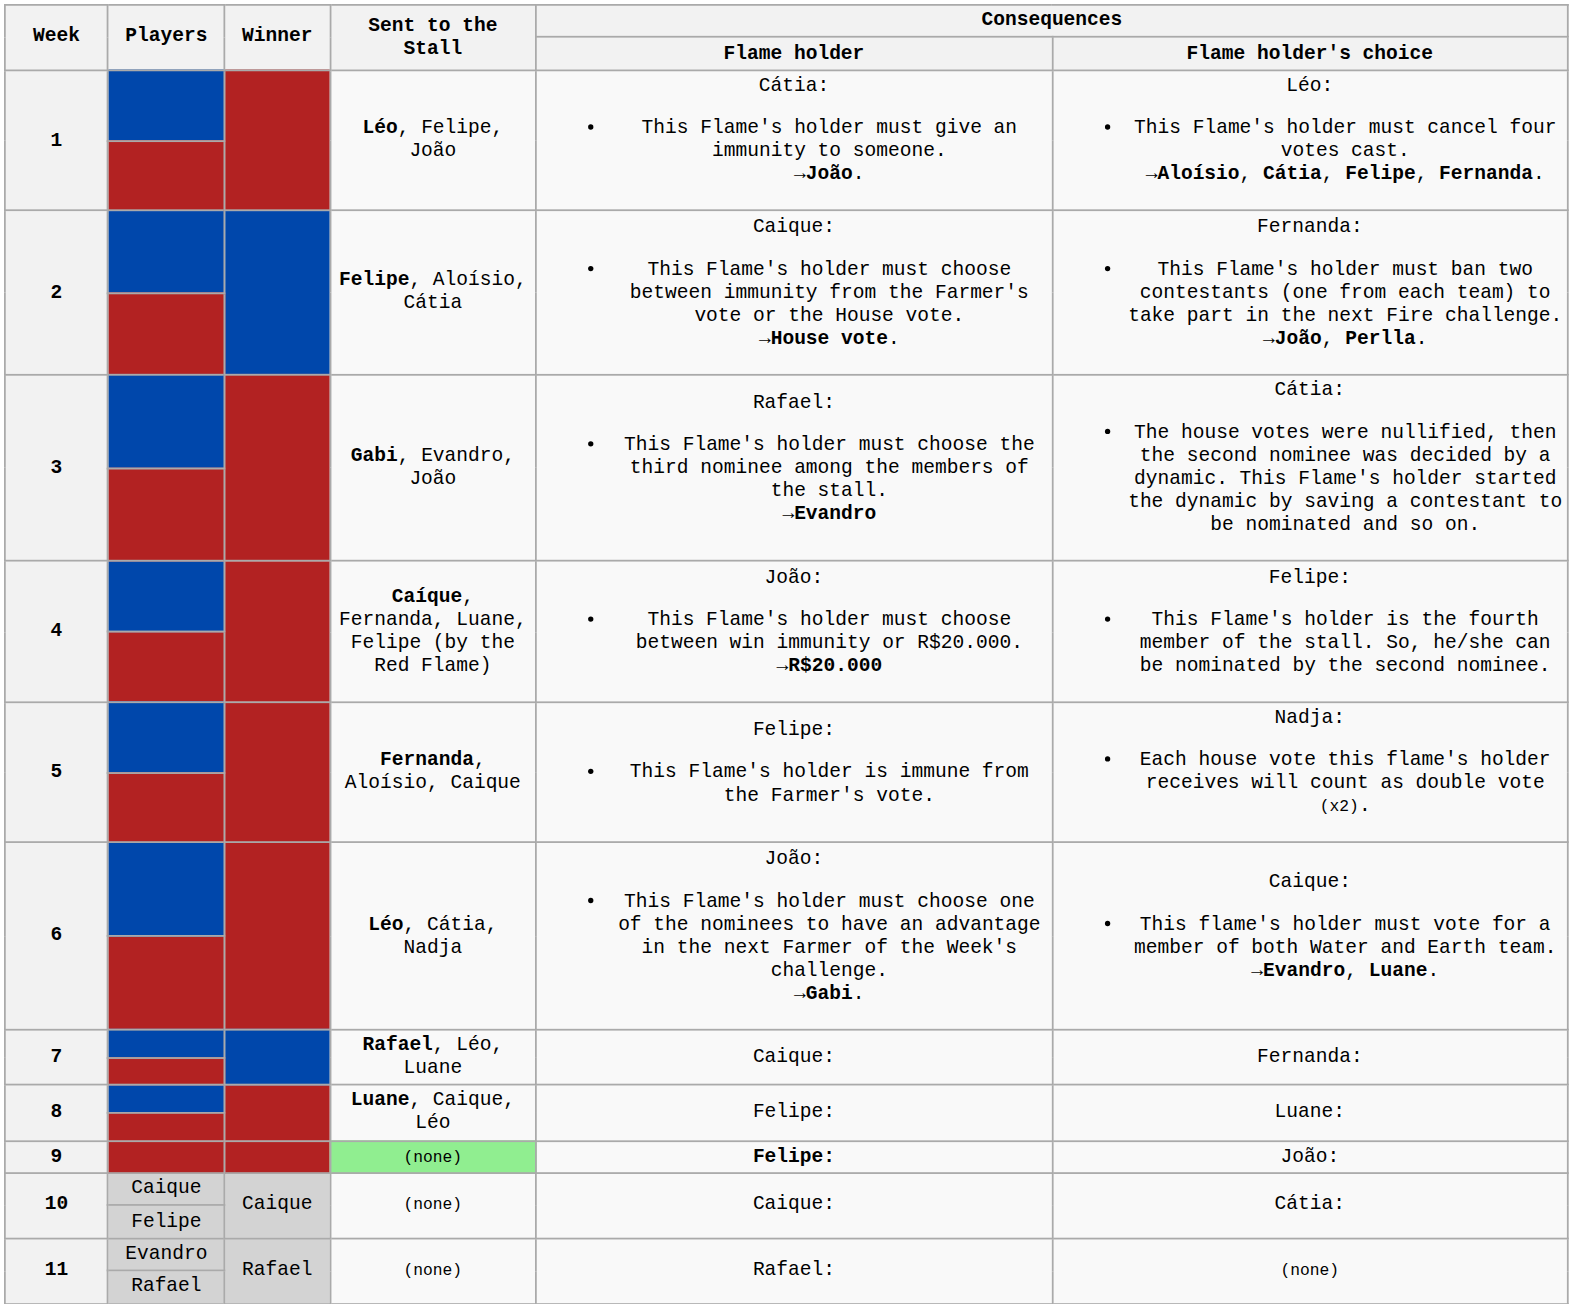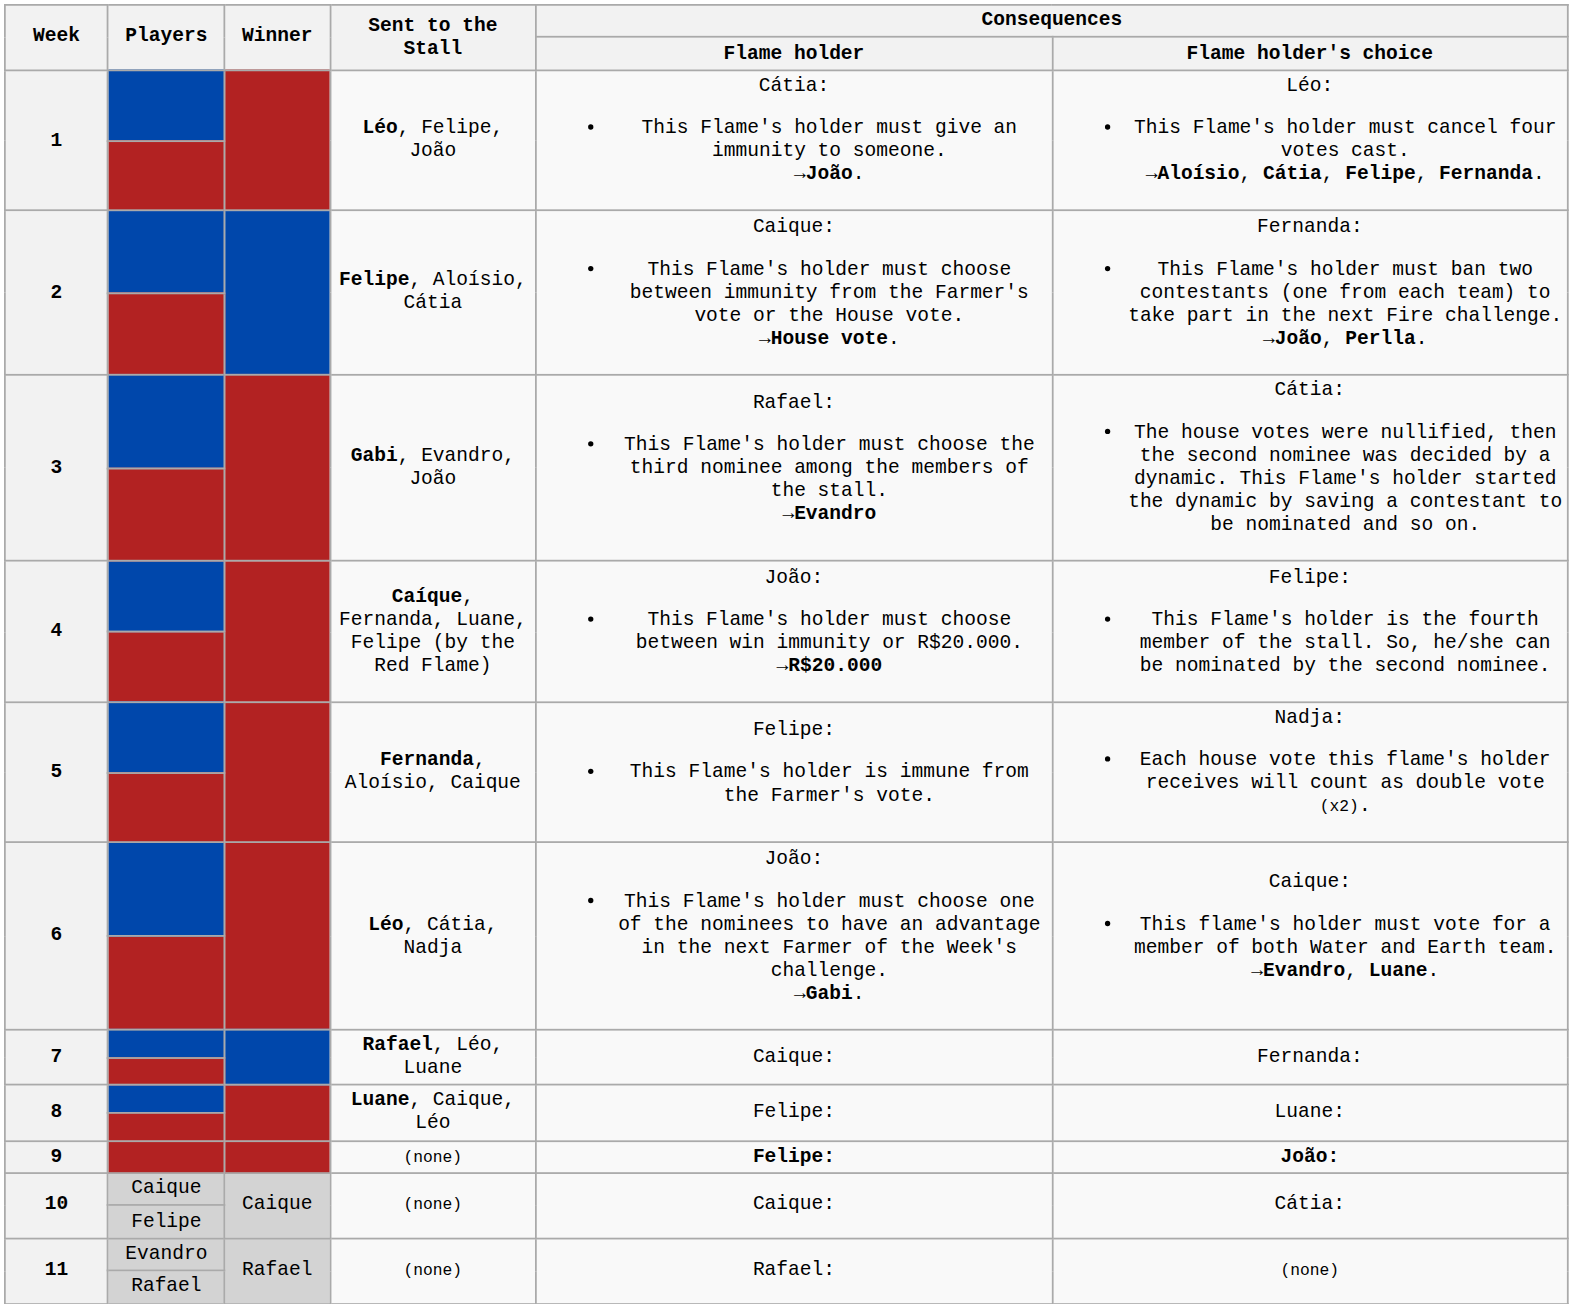 <table class="wikitable" style="text-align:center; font-size:85%; width:100%; line-height:13px;">
 <tr>
 <th width="05%" rowspan=2>Week</th>
 <th width="05%" rowspan=2>Players</th>
 <th width="05%" rowspan=2>Winner</th>
 <th width="10%" rowspan=2>Sent to the Stall</th>
 <th width="40%" colspan=2>Consequences</th>
 </tr>
 <tr>
 <th width="20%">Flame holder</th>
 <th width="20%">Flame holder's choice</th>
 </tr>
 <tr>
 <th rowspan=2>1</th>
 <td bgcolor=0047AB rowspan=1></td>
 <td bgcolor=B22222 rowspan=2></td>
 <td rowspan=2><strong>Léo</strong>, Felipe, João</td>
 <td rowspan=2 width="25%">Cátia:<br><ul><li> This Flame's holder must give an immunity to someone.<br>→<strong>João</strong>.</li></ul></td>
 <td rowspan=2 width="25%">Léo:<br><ul><li> This Flame's holder must cancel four votes cast.<br>→<strong>Aloísio</strong>, <strong>Cátia</strong>, <strong>Felipe</strong>, <strong>Fernanda</strong>.</li></ul></td>
 </tr>
 <tr>
 <td bgcolor=B22222 rowspan=1></td>
 </tr>
 <tr>
 <th rowspan=2>2</th>
 <td bgcolor=0047AB rowspan=1></td>
 <td bgcolor=0047AB rowspan=2></td>
 <td rowspan=2><strong>Felipe</strong>, Aloísio, Cátia</td>
 <td rowspan=2>Caique:<br><ul><li> This Flame's holder must choose between immunity from the Farmer's vote or the House vote.<br>→<strong>House vote</strong>.</li></ul></td>
 <td rowspan=2>Fernanda:<br><ul><li> This Flame's holder must ban two contestants (one from each team) to take part in the next Fire challenge.<br>→<strong>João</strong>, <strong>Perlla</strong>.</li></ul></td>
 </tr>
 <tr>
 <td bgcolor=B22222 rowspan=1></td>
 </tr>
 <tr>
 <th rowspan=2>3</th>
 <td bgcolor=0047AB rowspan=1></td>
 <td bgcolor=B22222 rowspan=2></td>
 <td rowspan=2><strong>Gabi</strong>, Evandro, João</td>
 <td rowspan=2>Rafael:<br><ul><li> This Flame's holder must choose the third nominee among the members of the stall.<br>→<strong>Evandro</strong></li></ul></td>
 <td rowspan=2>Cátia:<br><ul><li> The house votes were nullified, then the second nominee was decided by a dynamic. This Flame's holder started the dynamic by saving a contestant to be nominated and so on.</li></ul></td>
 </tr>
 <tr>
 <td bgcolor=B22222 rowspan=1></td>
 </tr>
 <tr>
 <th rowspan=2>4</th>
 <td bgcolor=0047AB rowspan=1></td>
 <td bgcolor=B22222 rowspan=2></td>
 <td rowspan=2><strong>Caíque</strong>, Fernanda, Luane, Felipe (by the Red Flame)</td>
 <td rowspan=2>João:<br><ul><li> This Flame's holder must choose between win immunity or R$20.000.<br>→<strong>R$20.000</strong></li></ul></td>
 <td rowspan=2>Felipe:<br><ul><li> This Flame's holder is the fourth member of the stall. So, he/she can be nominated by the second nominee.</li></ul></td>
 </tr>
 <tr>
 <td bgcolor=B22222 rowspan=1></td>
 </tr>
 <tr>
 <th rowspan=2>5</th>
 <td bgcolor=0047AB></td>
 <td bgcolor=B22222 rowspan=2></td>
 <td rowspan=2><strong>Fernanda</strong>, Aloísio, Caique</td>
 <td rowspan=2>Felipe:<br><ul><li> This Flame's holder is immune from the Farmer's vote.</li></ul></td>
 <td rowspan=2>Nadja:<br><ul><li> Each house vote this flame's holder receives will count as double vote <small>(x2)</small>.</li></ul></td>
 </tr>
 <tr>
 <td bgcolor=B22222></td>
 </tr>
 <tr>
 <th rowspan=2>6</th>
 <td bgcolor=0047AB></td>
 <td bgcolor=B22222 rowspan=2></td>
 <td rowspan=2><strong>Léo</strong>, Cátia, Nadja</td>
 <td rowspan=2>João:<br><ul><li> This Flame's holder must choose one of the nominees to have an advantage in the next Farmer of the Week's challenge.<br>→<strong>Gabi</strong>.</li></ul></td>
 <td rowspan=2>Caique:<br><ul><li> This flame's holder must vote for a member of both Water and Earth team.<br>→<strong>Evandro</strong>, <strong>Luane</strong>.</li></ul></td>
 </tr>
 <tr>
 <td bgcolor=B22222></td>
 </tr>
 <tr>
 <th rowspan=2>7</th>
 <td bgcolor=0047AB></td>
 <td bgcolor=0047AB rowspan=2></td>
 <td rowspan=2><strong>Rafael</strong>, Léo, Luane</td>
 <td rowspan=2>Caique:</td>
 <td rowspan=2>Fernanda:</td>
 </tr>
 <tr>
 <td bgcolor=B22222></td>
 </tr>
 <tr>
 <th rowspan=2>8</th>
 <td bgcolor=0047AB></td>
 <td bgcolor=B22222 rowspan=2></td>
 <td rowspan=2><strong>Luane</strong>, Caique, Léo</td>
 <td rowspan=2>Felipe:</td>
 <td rowspan=2>Luane:</td>
 </tr>
 <tr>
 <td bgcolor=B22222></td>
 </tr>
 <tr>
 <th rowspan=1>9</th>
 <td bgcolor=B22222 rowspan=1></td>
 <td bgcolor=B22222 rowspan=1></td>
-<td rowspan=1 style="background: lightgreen;"><small>(none)</small></td>
+<td rowspan=1><small>(none)</small></td>
 <td rowspan=1><strong>Felipe:</strong></td>
-<td rowspan=1>João:</td>
+<td rowspan=1><strong>João:</strong></td>
 </tr>
 <tr>
 <th rowspan=2>10</th>
 <td bgcolor=lightgray rowspan=1><div>Caique</div></td>
 <td bgcolor=lightgray rowspan=2><div>Caique</div></td>
 <td rowspan=2><small>(none)</small></td>
 <td rowspan=2>Caique:</td>
 <td rowspan=2>Cátia:</td>
 </tr>
 <tr>
 <td bgcolor=lightgray rowspan=1><div>Felipe</div></td>
 </tr>
 <tr>
 <th rowspan=2>11</th>
 <td bgcolor=lightgray rowspan=1><div>Evandro</div></td>
 <td bgcolor=lightgray rowspan=2><div>Rafael</div></td>
 <td rowspan=2><small>(none)</small></td>
 <td rowspan=2>Rafael:</td>
 <td rowspan=2><small>(none)</small></td>
 </tr>
 <tr>
 <td bgcolor=lightgray rowspan=1><div>Rafael</div></td>
 </tr>
 </table>
